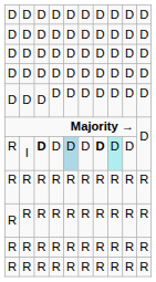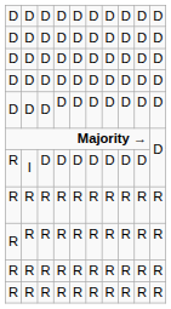 <table class="wikitable" style="text-align:center">
 <tr>
 <td>D</td>
 <td>D</td>
 <td>D</td>
 <td>D</td>
 <td>D</td>
 <td>D</td>
 <td>D</td>
 <td>D</td>
 <td>D</td>
 <td>D</td>
 </tr>
 <tr>
 <td width=10% >D</td>
 <td width=10% >D</td>
 <td width=10% >D</td>
 <td width=10% >D</td>
 <td width=10% >D</td>
 <td width=10% >D</td>
 <td width=10% >D</td>
 <td width=10% >D</td>
 <td width=10% >D</td>
 <td width=10% >D</td>
 </tr>
 <tr>
 <td>D</td>
 <td>D</td>
 <td>D</td>
 <td>D</td>
 <td>D</td>
 <td>D</td>
 <td>D</td>
 <td>D</td>
 <td>D</td>
 <td>D</td>
 </tr>
 <tr>
 <td>D</td>
 <td>D</td>
 <td>D</td>
 <td>D</td>
 <td>D</td>
 <td>D</td>
 <td>D</td>
 <td>D</td>
 <td>D</td>
 <td>D</td>
 </tr>
 <tr>
 <td>D</td>
 <td>D</td>
 <td>D</td>
 <td>D<br><br></td>
 <td>D<br><br></td>
 <td>D<br><br></td>
 <td>D<br><br></td>
 <td>D<br><br></td>
 <td>D<br><br></td>
 <td>D<br><br></td>
 </tr>
 <tr>
 <td colspan=9 align=right><strong>Majority →</strong></td>
 <td rowspan=2 >D<br><br></td>
 </tr>
 <tr>
 <td>R<br><br></td>
 <td>I</td>
-<td><strong>D<br><br></strong></td>
 <td>D<br><br></td>
-<td style="background: lightblue;">D<br><br></td>
 <td>D<br><br></td>
-<td><strong>D<br><br></strong></td>
-<td style="background: paleturquoise;">D<br><br></td>
+<td>D<br><br></td>
+<td>D<br><br></td>
+<td>D<br><br></td>
+<td>D<br><br></td>
 <td>D<br><br></td>
 </tr>
 <tr>
 <td>R<br><br></td>
 <td>R<br><br></td>
 <td>R<br><br></td>
 <td>R<br><br></td>
 <td>R<br><br></td>
 <td>R<br><br></td>
 <td>R<br><br></td>
 <td>R<br><br></td>
 <td>R<br><br></td>
 <td>R<br><br></td>
 </tr>
 <tr>
 <td>R</td>
 <td>R<br><br></td>
 <td>R<br><br></td>
 <td>R<br><br></td>
 <td>R<br><br></td>
 <td>R<br><br></td>
 <td>R<br><br></td>
 <td>R<br><br></td>
 <td>R<br><br></td>
 <td>R<br><br></td>
 </tr>
 <tr>
 <td>R</td>
 <td>R</td>
 <td>R</td>
 <td>R</td>
 <td>R</td>
 <td>R</td>
 <td>R</td>
 <td>R</td>
 <td>R</td>
 <td>R</td>
 </tr>
 <tr>
 <td>R</td>
 <td>R</td>
 <td>R</td>
 <td>R</td>
 <td>R</td>
 <td>R</td>
 <td>R</td>
 <td>R</td>
 <td>R</td>
 <td>R</td>
 </tr>
 </table>
